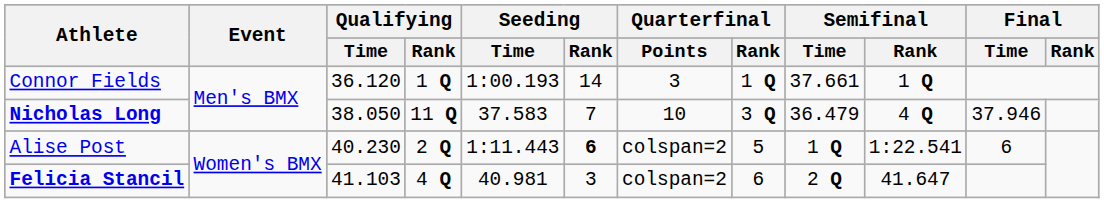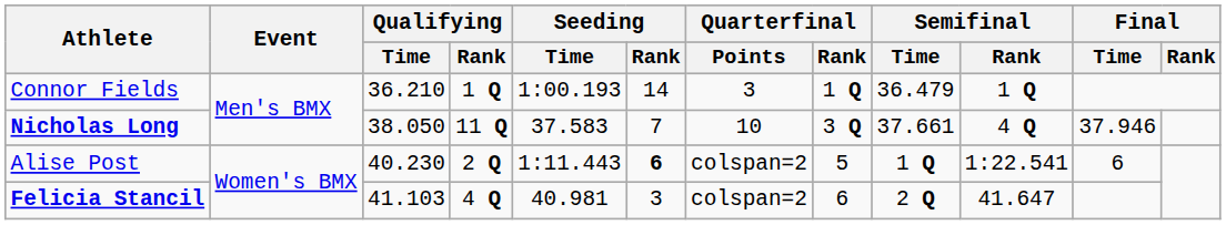 <table class="wikitable" style="font-size:90%;">
 <tr>
 <th rowspan=2>Athlete</th>
 <th rowspan=2>Event</th>
 <th colspan=2>Qualifying</th>
 <th colspan=2>Seeding</th>
 <th colspan=2>Quarterfinal</th>
 <th colspan=2>Semifinal</th>
 <th colspan=2>Final</th>
 </tr>
 <tr style="font-size:95%">
 <th>Time</th>
 <th>Rank</th>
 <th>Time</th>
 <th>Rank</th>
 <th>Points</th>
 <th>Rank</th>
 <th>Time</th>
 <th>Rank</th>
 <th>Time</th>
 <th>Rank</th>
 </tr>
 <tr align=center>
 <td align=left><a href='#'>Connor Fields</a></td>
 <td align=left rowspan=2><a href='#'>Men's BMX</a></td>
-<td>36.120</td>
+<td>36.210</td>
 <td>1 <strong>Q</strong></td>
 <td>1:00.193</td>
 <td>14</td>
 <td>3</td>
 <td>1 <strong>Q</strong></td>
-<td>37.661</td>
+<td>36.479</td>
 <td>1 <strong>Q</strong></td>
 <td colspan=2></td>
 </tr>
 <tr align=center>
 <td align=left><strong><a href='#'>Nicholas Long</a></strong></td>
 <td>38.050</td>
 <td>11 <strong>Q</strong></td>
 <td>37.583</td>
 <td>7</td>
 <td>10</td>
 <td>3 <strong>Q</strong></td>
-<td>36.479</td>
+<td>37.661</td>
 <td>4 <strong>Q</strong></td>
 <td>37.946</td>
 <td></td>
 </tr>
 <tr align=center>
 <td align=left><a href='#'>Alise Post</a></td>
 <td align=left rowspan=2><a href='#'>Women's BMX</a></td>
 <td>40.230</td>
 <td>2 <strong>Q</strong></td>
 <td>1:11.443</td>
 <td><strong>6</strong></td>
 <td>colspan=2 </td>
 <td>5</td>
 <td>1 <strong>Q</strong></td>
 <td>1:22.541</td>
 <td>6</td>
 </tr>
 <tr align=center>
 <td align=left><strong><a href='#'>Felicia Stancil</a></strong></td>
 <td>41.103</td>
 <td>4 <strong>Q</strong></td>
 <td>40.981</td>
 <td>3</td>
 <td>colspan=2 </td>
 <td>6</td>
 <td>2 <strong>Q</strong></td>
 <td>41.647</td>
 <td></td>
 </tr>
 </table>
